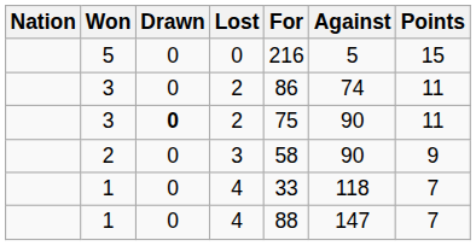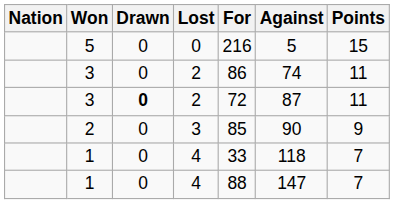 <table class="wikitable" style="text-align: center;">
 <tr>
 <th>Nation</th>
 <th>Won</th>
 <th>Drawn</th>
 <th>Lost</th>
 <th>For</th>
 <th>Against</th>
 <th>Points</th>
 </tr>
 <tr>
 <td align=left></td>
 <td>5</td>
 <td>0</td>
 <td>0</td>
 <td>216</td>
 <td>5</td>
 <td>15</td>
 </tr>
 <tr>
 <td align=left></td>
 <td>3</td>
 <td>0</td>
 <td>2</td>
 <td>86</td>
 <td>74</td>
 <td>11</td>
 </tr>
 <tr>
 <td align=left></td>
 <td>3</td>
 <td><strong>0</strong></td>
 <td>2</td>
-<td>75</td>
-<td>90</td>
+<td>72</td>
+<td>87</td>
 <td>11</td>
 </tr>
 <tr>
 <td align=left></td>
 <td>2</td>
 <td>0</td>
 <td>3</td>
-<td>58</td>
+<td>85</td>
 <td>90</td>
 <td>9</td>
 </tr>
 <tr>
 <td align=left></td>
 <td>1</td>
 <td>0</td>
 <td>4</td>
 <td>33</td>
 <td>118</td>
 <td>7</td>
 </tr>
 <tr>
 <td align=left></td>
 <td>1</td>
 <td>0</td>
 <td>4</td>
 <td>88</td>
 <td>147</td>
 <td>7</td>
 </tr>
 </table>
